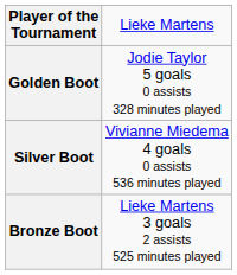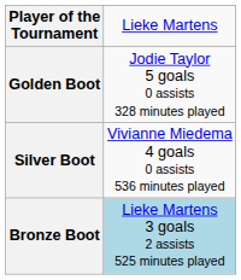 <table class="wikitable" style="text-align:center">
 <tr>
 <th>Player of the<br>Tournament</th>
 <td> <a href='#'>Lieke Martens</a></td>
 </tr>
 <tr>
 <th>Golden Boot</th>
 <td> <a href='#'>Jodie Taylor</a><br>5 goals<br><small>0 assists<br>328 minutes played</small></td>
 </tr>
 <tr>
 <th>Silver Boot</th>
 <td> <a href='#'>Vivianne Miedema</a><br>4 goals<br><small>0 assists<br>536 minutes played</small></td>
 </tr>
 <tr>
 <th>Bronze Boot</th>
-<td> <a href='#'>Lieke Martens</a><br>3 goals<br><small>2 assists<br>525 minutes played</small></td>
+<td style="background: lightblue;"> <a href='#'>Lieke Martens</a><br>3 goals<br><small>2 assists<br>525 minutes played</small></td>
 </tr>
 </table>
